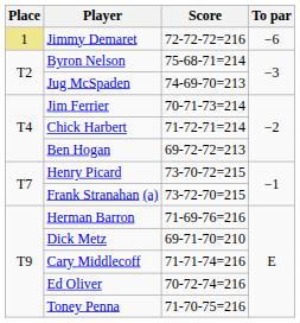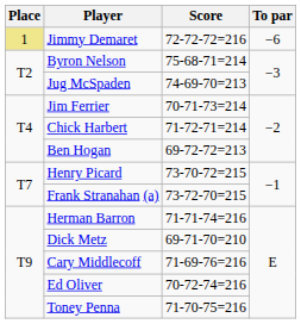 <table class="wikitable">
 <tr>
 <th>Place</th>
 <th>Player</th>
 <th>Score</th>
 <th>To par</th>
 </tr>
 <tr>
 <td align="center" style="background: khaki;">1</td>
 <td> <a href='#'>Jimmy Demaret</a></td>
 <td>72-72-72=216</td>
 <td align="center">−6</td>
 </tr>
 <tr>
 <td rowspan="2" align="center">T2</td>
 <td> <a href='#'>Byron Nelson</a></td>
 <td>75-68-71=214</td>
 <td rowspan="2" align="center">−3</td>
 </tr>
 <tr>
 <td> <a href='#'>Jug McSpaden</a></td>
 <td>74-69-70=213</td>
 </tr>
 <tr>
 <td rowspan="3" align="center">T4</td>
 <td> <a href='#'>Jim Ferrier</a></td>
 <td>70-71-73=214</td>
 <td rowspan="3" align="center">−2</td>
 </tr>
 <tr>
 <td> <a href='#'>Chick Harbert</a></td>
 <td>71-72-71=214</td>
 </tr>
 <tr>
 <td> <a href='#'>Ben Hogan</a></td>
 <td>69-72-72=213</td>
 </tr>
 <tr>
 <td rowspan="2" align="center">T7</td>
 <td> <a href='#'>Henry Picard</a></td>
 <td>73-70-72=215</td>
 <td rowspan="2" align="center">−1</td>
 </tr>
 <tr>
 <td> <a href='#'>Frank Stranahan</a> <a href='#'>(a)</a></td>
 <td>73-72-70=215</td>
 </tr>
 <tr>
 <td rowspan="5" align="center">T9</td>
 <td> <a href='#'>Herman Barron</a></td>
-<td>71-69-76=216</td>
+<td>71-71-74=216</td>
 <td rowspan="5" align="center">E</td>
 </tr>
 <tr>
 <td> <a href='#'>Dick Metz</a></td>
 <td>69-71-70=210</td>
 </tr>
 <tr>
 <td> <a href='#'>Cary Middlecoff</a></td>
-<td>71-71-74=216</td>
+<td>71-69-76=216</td>
 </tr>
 <tr>
 <td> <a href='#'>Ed Oliver</a></td>
 <td>70-72-74=216</td>
 </tr>
 <tr>
 <td> <a href='#'>Toney Penna</a></td>
 <td>71-70-75=216</td>
 </tr>
 </table>
